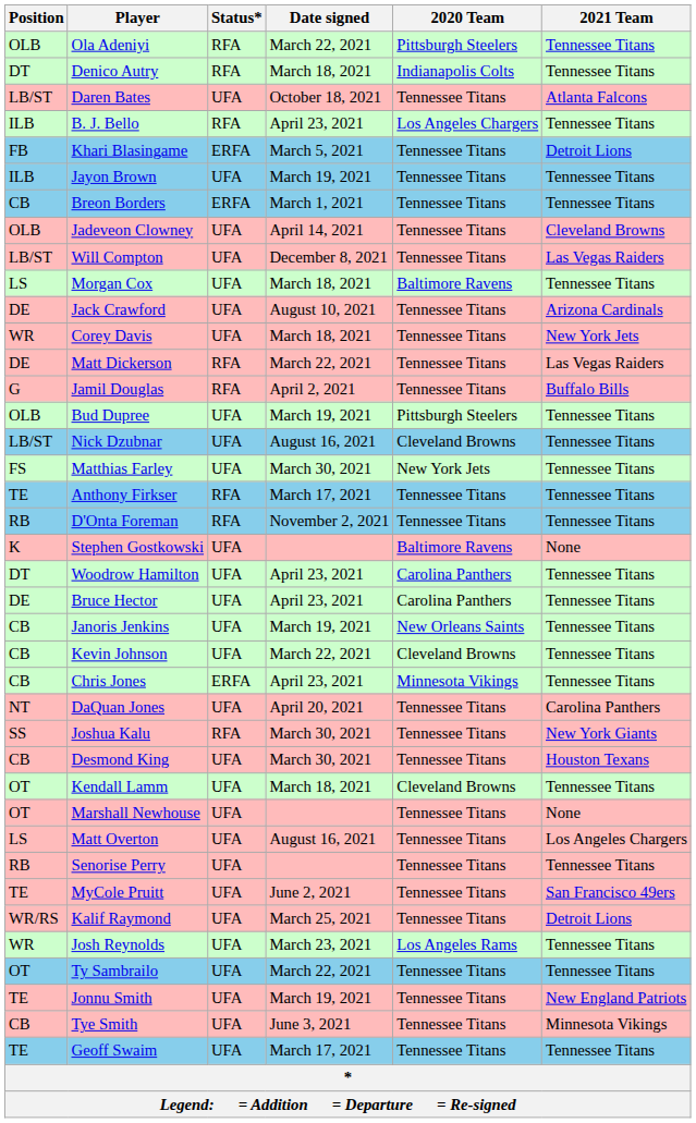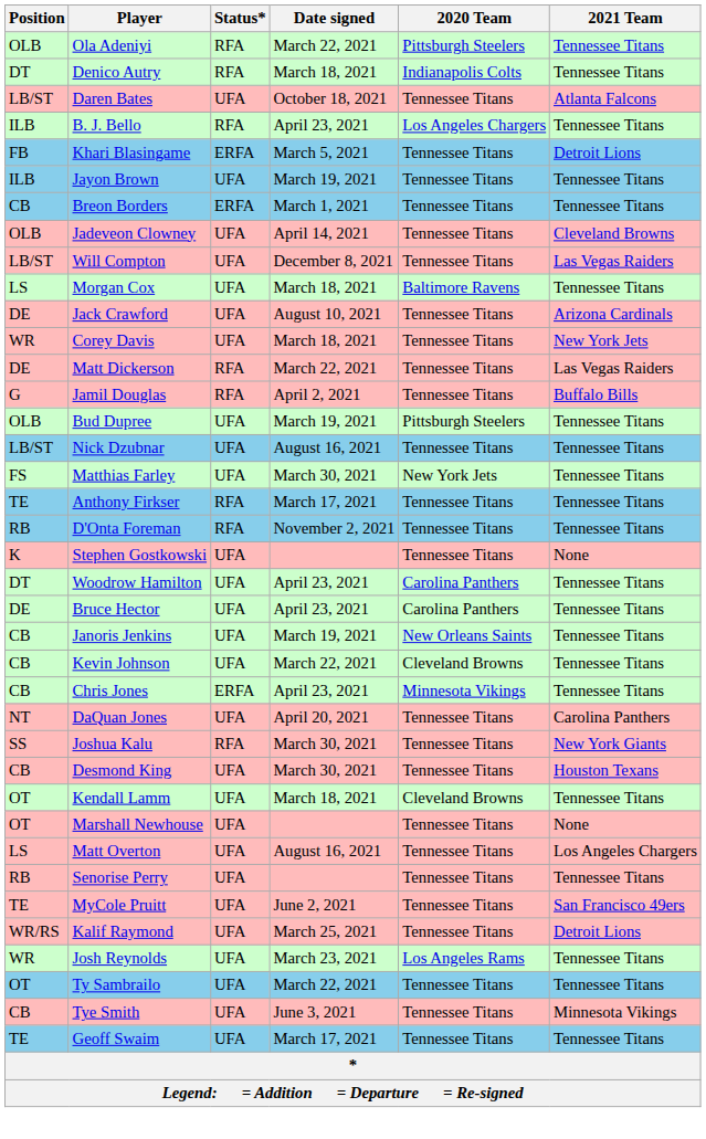 <table class="wikitable sortable"  style="font-size: 95%">
 <tr>
 <th>Position</th>
 <th>Player</th>
 <th>Status*</th>
 <th>Date signed</th>
 <th>2020 Team</th>
 <th>2021 Team</th>
 </tr>
 <tr style="background:#cfc">
 <td>OLB</td>
 <td><a href='#'>Ola Adeniyi</a></td>
 <td>RFA</td>
 <td>March 22, 2021</td>
 <td><a href='#'>Pittsburgh Steelers</a></td>
 <td><a href='#'>Tennessee Titans</a></td>
 </tr>
 <tr style="background:#cfc">
 <td>DT</td>
 <td><a href='#'>Denico Autry</a></td>
 <td>RFA</td>
 <td>March 18, 2021</td>
 <td><a href='#'>Indianapolis Colts</a></td>
 <td>Tennessee Titans</td>
 </tr>
 <tr style="background:#fbb">
 <td>LB/ST</td>
 <td><a href='#'>Daren Bates</a></td>
 <td>UFA</td>
 <td>October 18, 2021</td>
 <td>Tennessee Titans</td>
 <td><a href='#'>Atlanta Falcons</a></td>
 </tr>
 <tr style="background:#cfc">
 <td>ILB</td>
 <td><a href='#'>B. J. Bello</a></td>
 <td>RFA</td>
 <td>April 23, 2021</td>
 <td><a href='#'>Los Angeles Chargers</a></td>
 <td>Tennessee Titans</td>
 </tr>
 <tr style="background:#87ceeb">
 <td>FB</td>
 <td><a href='#'>Khari Blasingame</a></td>
 <td>ERFA</td>
 <td>March 5, 2021</td>
 <td>Tennessee Titans</td>
 <td><a href='#'>Detroit Lions</a></td>
 </tr>
 <tr style="background:#87ceeb">
 <td>ILB</td>
 <td><a href='#'>Jayon Brown</a></td>
 <td>UFA</td>
 <td>March 19, 2021</td>
 <td>Tennessee Titans</td>
 <td>Tennessee Titans</td>
 </tr>
 <tr style="background:#87ceeb">
 <td>CB</td>
 <td><a href='#'>Breon Borders</a></td>
 <td>ERFA</td>
 <td>March 1, 2021</td>
 <td>Tennessee Titans</td>
 <td>Tennessee Titans</td>
 </tr>
 <tr style="background:#fbb">
 <td>OLB</td>
 <td><a href='#'>Jadeveon Clowney</a></td>
 <td>UFA</td>
 <td>April 14, 2021</td>
 <td>Tennessee Titans</td>
 <td><a href='#'>Cleveland Browns</a></td>
 </tr>
 <tr style="background:#fbb">
 <td>LB/ST</td>
 <td><a href='#'>Will Compton</a></td>
 <td>UFA</td>
 <td>December 8, 2021</td>
 <td>Tennessee Titans</td>
 <td><a href='#'>Las Vegas Raiders</a></td>
 </tr>
 <tr style="background:#cfc">
 <td>LS</td>
 <td><a href='#'>Morgan Cox</a></td>
 <td>UFA</td>
 <td>March 18, 2021</td>
 <td><a href='#'>Baltimore Ravens</a></td>
 <td>Tennessee Titans</td>
 </tr>
 <tr style="background:#fbb">
 <td>DE</td>
 <td><a href='#'>Jack Crawford</a></td>
 <td>UFA</td>
 <td>August 10, 2021</td>
 <td>Tennessee Titans</td>
 <td><a href='#'>Arizona Cardinals</a></td>
 </tr>
 <tr style="background:#fbb">
 <td>WR</td>
 <td><a href='#'>Corey Davis</a></td>
 <td>UFA</td>
 <td>March 18, 2021</td>
 <td>Tennessee Titans</td>
 <td><a href='#'>New York Jets</a></td>
 </tr>
 <tr style="background:#fbb">
 <td>DE</td>
 <td><a href='#'>Matt Dickerson</a></td>
 <td>RFA</td>
 <td>March 22, 2021</td>
 <td>Tennessee Titans</td>
 <td>Las Vegas Raiders</td>
 </tr>
 <tr style="background:#fbb">
 <td>G</td>
 <td><a href='#'>Jamil Douglas</a></td>
 <td>RFA</td>
 <td>April 2, 2021</td>
 <td>Tennessee Titans</td>
 <td><a href='#'>Buffalo Bills</a></td>
 </tr>
 <tr style="background:#cfc">
 <td>OLB</td>
 <td><a href='#'>Bud Dupree</a></td>
 <td>UFA</td>
 <td>March 19, 2021</td>
 <td>Pittsburgh Steelers</td>
 <td>Tennessee Titans</td>
 </tr>
 <tr style="background:#87ceeb">
 <td>LB/ST</td>
 <td><a href='#'>Nick Dzubnar</a></td>
 <td>UFA</td>
 <td>August 16, 2021</td>
-<td>Cleveland Browns</td>
+<td>Tennessee Titans</td>
 <td>Tennessee Titans</td>
 </tr>
 <tr style="background:#cfc">
 <td>FS</td>
 <td><a href='#'>Matthias Farley</a></td>
 <td>UFA</td>
 <td>March 30, 2021</td>
 <td>New York Jets</td>
 <td>Tennessee Titans</td>
 </tr>
 <tr style="background:#87ceeb">
 <td>TE</td>
 <td><a href='#'>Anthony Firkser</a></td>
 <td>RFA</td>
 <td>March 17, 2021</td>
 <td>Tennessee Titans</td>
 <td>Tennessee Titans</td>
 </tr>
 <tr style="background:#87ceeb">
 <td>RB</td>
 <td><a href='#'>D'Onta Foreman</a></td>
 <td>RFA</td>
 <td>November 2, 2021</td>
 <td>Tennessee Titans</td>
 <td>Tennessee Titans</td>
 </tr>
 <tr style="background:#fbb">
 <td>K</td>
 <td><a href='#'>Stephen Gostkowski</a></td>
 <td>UFA</td>
 <td></td>
-<td><a href='#'>Baltimore Ravens</a></td>
+<td>Tennessee Titans</td>
 <td>None</td>
 </tr>
 <tr style="background:#cfc">
 <td>DT</td>
 <td><a href='#'>Woodrow Hamilton</a></td>
 <td>UFA</td>
 <td>April 23, 2021</td>
 <td><a href='#'>Carolina Panthers</a></td>
 <td>Tennessee Titans</td>
 </tr>
 <tr style="background:#cfc">
 <td>DE</td>
 <td><a href='#'>Bruce Hector</a></td>
 <td>UFA</td>
 <td>April 23, 2021</td>
 <td>Carolina Panthers</td>
 <td>Tennessee Titans</td>
 </tr>
 <tr style="background:#cfc">
 <td>CB</td>
 <td><a href='#'>Janoris Jenkins</a></td>
 <td>UFA</td>
 <td>March 19, 2021</td>
 <td><a href='#'>New Orleans Saints</a></td>
 <td>Tennessee Titans</td>
 </tr>
 <tr style="background:#cfc">
 <td>CB</td>
 <td><a href='#'>Kevin Johnson</a></td>
 <td>UFA</td>
 <td>March 22, 2021</td>
 <td>Cleveland Browns</td>
 <td>Tennessee Titans</td>
 </tr>
 <tr style="background:#cfc">
 <td>CB</td>
 <td><a href='#'>Chris Jones</a></td>
 <td>ERFA</td>
 <td>April 23, 2021</td>
 <td><a href='#'>Minnesota Vikings</a></td>
 <td>Tennessee Titans</td>
 </tr>
 <tr style="background:#fbb">
 <td>NT</td>
 <td><a href='#'>DaQuan Jones</a></td>
 <td>UFA</td>
 <td>April 20, 2021</td>
 <td>Tennessee Titans</td>
 <td>Carolina Panthers</td>
 </tr>
 <tr style="background:#fbb">
 <td>SS</td>
 <td><a href='#'>Joshua Kalu</a></td>
 <td>RFA</td>
 <td>March 30, 2021</td>
 <td>Tennessee Titans</td>
 <td><a href='#'>New York Giants</a></td>
 </tr>
 <tr style="background:#fbb">
 <td>CB</td>
 <td><a href='#'>Desmond King</a></td>
 <td>UFA</td>
 <td>March 30, 2021</td>
 <td>Tennessee Titans</td>
 <td><a href='#'>Houston Texans</a></td>
 </tr>
 <tr style="background:#cfc">
 <td>OT</td>
 <td><a href='#'>Kendall Lamm</a></td>
 <td>UFA</td>
 <td>March 18, 2021</td>
 <td>Cleveland Browns</td>
 <td>Tennessee Titans</td>
 </tr>
 <tr style="background:#fbb">
 <td>OT</td>
 <td><a href='#'>Marshall Newhouse</a></td>
 <td>UFA</td>
 <td></td>
 <td>Tennessee Titans</td>
 <td>None</td>
 </tr>
 <tr style="background:#fbb">
 <td>LS</td>
 <td><a href='#'>Matt Overton</a></td>
 <td>UFA</td>
 <td>August 16, 2021</td>
 <td>Tennessee Titans</td>
 <td>Los Angeles Chargers</td>
 </tr>
 <tr style="background:#fbb">
 <td>RB</td>
 <td><a href='#'>Senorise Perry</a></td>
 <td>UFA</td>
 <td></td>
 <td>Tennessee Titans</td>
 <td>Tennessee Titans</td>
 </tr>
 <tr style="background:#fbb">
 <td>TE</td>
 <td><a href='#'>MyCole Pruitt</a></td>
 <td>UFA</td>
 <td>June 2, 2021</td>
 <td>Tennessee Titans</td>
 <td><a href='#'>San Francisco 49ers</a></td>
 </tr>
 <tr style="background:#fbb">
 <td>WR/RS</td>
 <td><a href='#'>Kalif Raymond</a></td>
 <td>UFA</td>
 <td>March 25, 2021</td>
 <td>Tennessee Titans</td>
 <td><a href='#'>Detroit Lions</a></td>
 </tr>
 <tr style="background:#cfc">
 <td>WR</td>
 <td><a href='#'>Josh Reynolds</a></td>
 <td>UFA</td>
 <td>March 23, 2021</td>
 <td><a href='#'>Los Angeles Rams</a></td>
 <td>Tennessee Titans</td>
 </tr>
 <tr style="background:#87ceeb">
 <td>OT</td>
 <td><a href='#'>Ty Sambrailo</a></td>
 <td>UFA</td>
 <td>March 22, 2021</td>
 <td>Tennessee Titans</td>
 <td>Tennessee Titans</td>
 </tr>
 <tr style="background:#fbb">
-<td>TE</td>
-<td><a href='#'>Jonnu Smith</a></td>
-<td>UFA</td>
-<td>March 19, 2021</td>
-<td>Tennessee Titans</td>
-<td><a href='#'>New England Patriots</a></td>
-</tr>
-<tr style="background:#fbb">
 <td>CB</td>
 <td><a href='#'>Tye Smith</a></td>
 <td>UFA</td>
 <td>June 3, 2021</td>
 <td>Tennessee Titans</td>
 <td>Minnesota Vikings</td>
 </tr>
 <tr style="background:#87ceeb">
 <td>TE</td>
 <td><a href='#'>Geoff Swaim</a></td>
 <td>UFA</td>
 <td>March 17, 2021</td>
 <td>Tennessee Titans</td>
 <td>Tennessee Titans</td>
 </tr>
 <tr>
 <th colspan=6>*</th>
 </tr>
 <tr>
 <th colspan=6><em>Legend:       = Addition       = Departure       = Re-signed     </em></th>
 </tr>
 </table>
